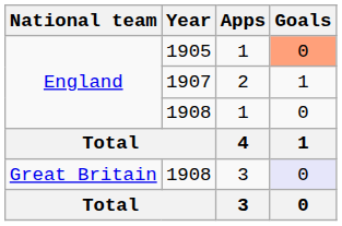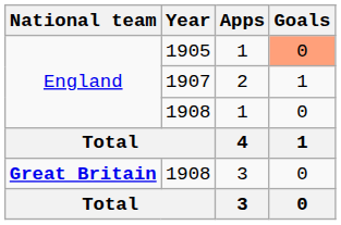 <table class=wikitable style="text-align: center">
 <tr>
 <th>National team</th>
 <th>Year</th>
 <th>Apps</th>
 <th>Goals</th>
 </tr>
 <tr>
 <td rowspan=3><a href='#'>England</a></td>
 <td>1905</td>
 <td>1</td>
 <td style="background: lightsalmon;">0</td>
 </tr>
 <tr>
 <td>1907</td>
 <td>2</td>
 <td>1</td>
 </tr>
 <tr>
 <td>1908</td>
 <td>1</td>
 <td>0</td>
 </tr>
 <tr>
 <th colspan=2>Total</th>
 <th>4</th>
 <th>1</th>
 </tr>
 <tr>
-<td><a href='#'>Great Britain</a></td>
+<td><strong><a href='#'>Great Britain</a></strong></td>
 <td>1908</td>
 <td>3</td>
-<td style="background: lavender;">0</td>
+<td>0</td>
 </tr>
 <tr>
 <th colspan="2">Total</th>
 <th>3</th>
 <th>0</th>
 </tr>
 </table>
